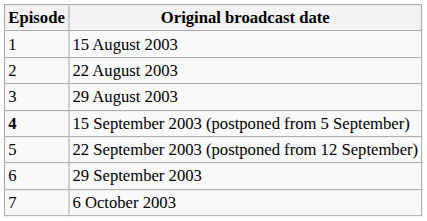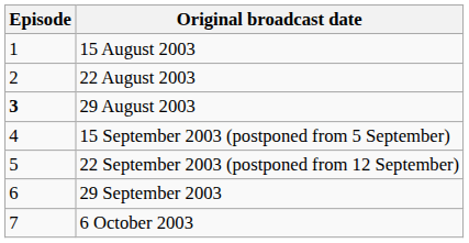 <table class="wikitable">
 <tr>
 <th>Episode</th>
 <th>Original broadcast date</th>
 </tr>
 <tr>
 <td>1</td>
 <td>15 August 2003</td>
 </tr>
 <tr>
 <td>2</td>
 <td>22 August 2003</td>
 </tr>
 <tr>
-<td>3</td>
+<td><strong>3</strong></td>
 <td>29 August 2003</td>
 </tr>
 <tr>
-<td><strong>4</strong></td>
+<td>4</td>
 <td>15 September 2003 (postponed from 5 September)</td>
 </tr>
 <tr>
 <td>5</td>
 <td>22 September 2003 (postponed from 12 September)</td>
 </tr>
 <tr>
 <td>6</td>
 <td>29 September 2003</td>
 </tr>
 <tr>
 <td>7</td>
 <td>6 October 2003</td>
 </tr>
 </table>
